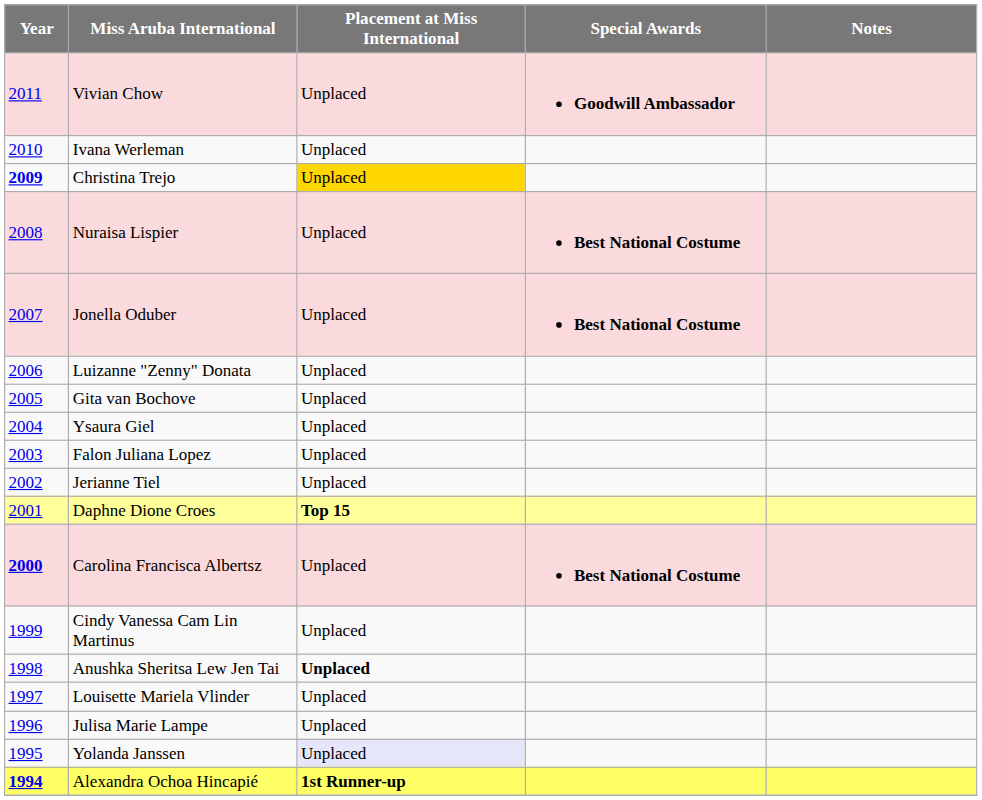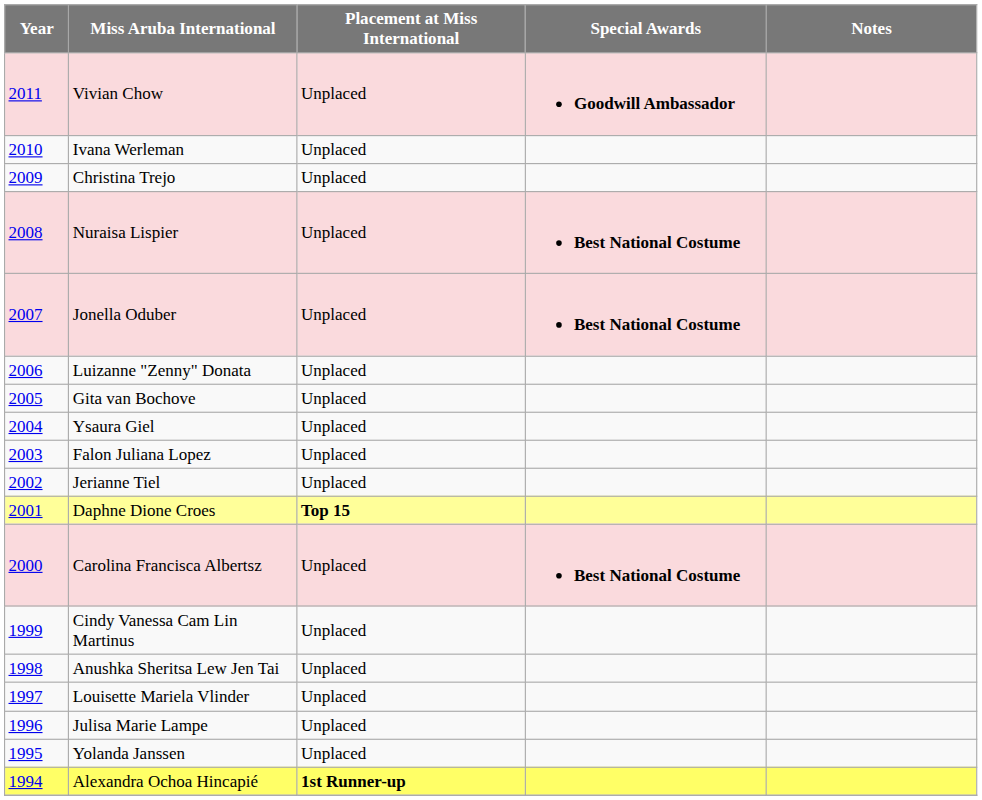 <table class="wikitable " style="font-size: 95%;">
 <tr>
 <th width="60" style="background-color:#787878;color:#FFFFFF;">Year</th>
 <th width="250" style="background-color:#787878;color:#FFFFFF;">Miss Aruba International</th>
 <th width="250" style="background-color:#787878;color:#FFFFFF;">Placement at Miss International</th>
 <th width="250" style="background-color:#787878;color:#FFFFFF;">Special Awards</th>
 <th width="250" style="background-color:#787878;color:#FFFFFF;">Notes</th>
 </tr>
 <tr style="background-color:#FADADD; ">
 <td><a href='#'>2011</a></td>
 <td>Vivian Chow</td>
 <td>Unplaced</td>
 <td align="left"><br><ul><li><strong>Goodwill Ambassador</strong></li></ul></td>
 <td></td>
 </tr>
 <tr>
 <td><a href='#'>2010</a></td>
 <td>Ivana Werleman</td>
 <td>Unplaced</td>
 <td></td>
 <td></td>
 </tr>
 <tr>
-<td><strong><a href='#'>2009</a></strong></td>
+<td><a href='#'>2009</a></td>
 <td>Christina Trejo</td>
-<td style="background: gold;">Unplaced</td>
+<td>Unplaced</td>
 <td></td>
 <td></td>
 </tr>
 <tr style="background-color:#FADADD; ">
 <td><a href='#'>2008</a></td>
 <td>Nuraisa Lispier</td>
 <td>Unplaced</td>
 <td align="left"><br><ul><li><strong>Best National Costume</strong></li></ul></td>
 <td></td>
 </tr>
 <tr style="background-color:#FADADD; ">
 <td><a href='#'>2007</a></td>
 <td>Jonella Oduber</td>
 <td>Unplaced</td>
 <td align="left"><br><ul><li><strong>Best National Costume</strong></li></ul></td>
 <td></td>
 </tr>
 <tr>
 <td><a href='#'>2006</a></td>
 <td>Luizanne "Zenny" Donata</td>
 <td>Unplaced</td>
 <td></td>
 <td></td>
 </tr>
 <tr>
 <td><a href='#'>2005</a></td>
 <td>Gita van Bochove</td>
 <td>Unplaced</td>
 <td></td>
 <td></td>
 </tr>
 <tr>
 <td><a href='#'>2004</a></td>
 <td>Ysaura Giel</td>
 <td>Unplaced</td>
 <td></td>
 <td></td>
 </tr>
 <tr>
 <td><a href='#'>2003</a></td>
 <td>Falon Juliana Lopez</td>
 <td>Unplaced</td>
 <td></td>
 <td></td>
 </tr>
 <tr>
 <td><a href='#'>2002</a></td>
 <td>Jerianne Tiel</td>
 <td>Unplaced</td>
 <td></td>
 <td></td>
 </tr>
 <tr style="background-color:#FFFF99; ">
 <td><a href='#'>2001</a></td>
 <td>Daphne Dione Croes</td>
 <td><strong>Top 15</strong></td>
 <td></td>
 <td></td>
 </tr>
 <tr style="background-color:#FADADD; ">
-<td><strong><a href='#'>2000</a></strong></td>
+<td><a href='#'>2000</a></td>
 <td>Carolina Francisca Albertsz</td>
 <td>Unplaced</td>
 <td align="left"><br><ul><li><strong>Best National Costume</strong></li></ul></td>
 <td></td>
 </tr>
 <tr>
 <td><a href='#'>1999</a></td>
 <td>Cindy Vanessa Cam Lin Martinus</td>
 <td>Unplaced</td>
 <td></td>
 <td></td>
 </tr>
 <tr>
 <td><a href='#'>1998</a></td>
 <td>Anushka Sheritsa Lew Jen Tai</td>
-<td><strong>Unplaced</strong></td>
+<td>Unplaced</td>
 <td></td>
 <td></td>
 </tr>
 <tr>
 <td><a href='#'>1997</a></td>
 <td>Louisette Mariela Vlinder</td>
 <td>Unplaced</td>
 <td></td>
 <td></td>
 </tr>
 <tr>
 <td><a href='#'>1996</a></td>
 <td>Julisa Marie Lampe</td>
 <td>Unplaced</td>
 <td></td>
 <td></td>
 </tr>
 <tr>
 <td><a href='#'>1995</a></td>
 <td>Yolanda Janssen</td>
-<td style="background: lavender;">Unplaced</td>
+<td>Unplaced</td>
 <td></td>
 <td></td>
 </tr>
 <tr style="background-color:#FFFF66; ">
-<td><strong><a href='#'>1994</a></strong></td>
+<td><a href='#'>1994</a></td>
 <td>Alexandra Ochoa Hincapié</td>
 <td><strong>1st Runner-up</strong></td>
 <td></td>
 <td></td>
 </tr>
 <tr>
 </tr>
 </table>
